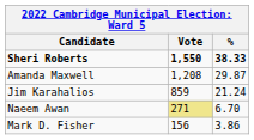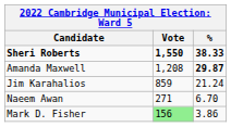 <table class="wikitable">
 <tr>
 <th colspan="3"><a href='#'>2022 Cambridge Municipal Election: Ward 5</a></th>
 </tr>
 <tr>
 <th bgcolor="#DDDDFF" width="200px">Candidate</th>
 <th bgcolor="#DDDDFF" width="50px">Vote</th>
 <th bgcolor="#DDDDFF" width="30px">%</th>
 </tr>
 <tr>
 <td><strong>Sheri Roberts</strong></td>
 <td><strong>1,550</strong></td>
 <td><strong>38.33</strong></td>
 </tr>
 <tr>
 <td>Amanda Maxwell</td>
 <td>1,208</td>
-<td>29.87</td>
+<td><strong>29.87</strong></td>
 </tr>
 <tr>
 <td>Jim Karahalios</td>
 <td>859</td>
 <td>21.24</td>
 </tr>
 <tr>
 <td>Naeem Awan</td>
-<td style="background: khaki;">271</td>
+<td>271</td>
 <td>6.70</td>
 </tr>
 <tr>
 <td>Mark D. Fisher</td>
-<td>156</td>
+<td style="background: lightgreen;">156</td>
 <td>3.86</td>
 </tr>
 </table>
